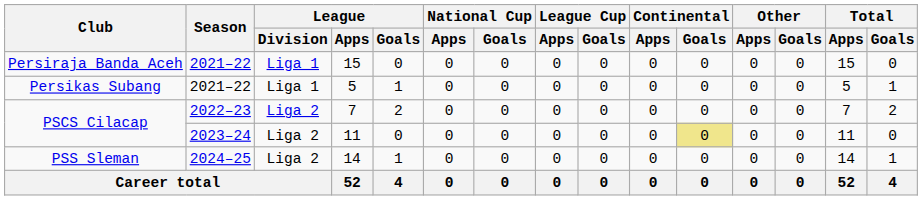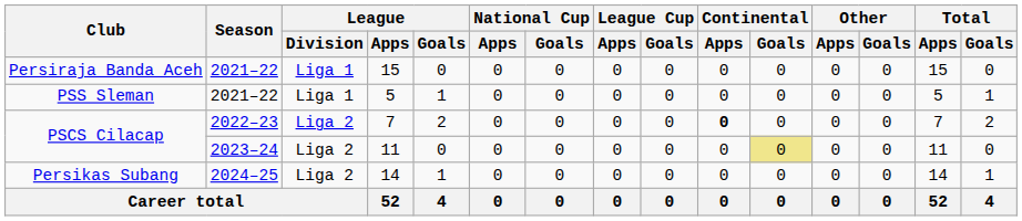 <table class="wikitable" style="text-align: center;">
 <tr>
 <th rowspan="2">Club</th>
 <th rowspan="2">Season</th>
 <th colspan="3">League</th>
 <th colspan="2">National Cup</th>
 <th colspan="2">League Cup</th>
 <th colspan="2">Continental</th>
 <th colspan="2">Other</th>
 <th colspan="2">Total</th>
 </tr>
 <tr>
 <th>Division</th>
 <th>Apps</th>
 <th>Goals</th>
 <th>Apps</th>
 <th>Goals</th>
 <th>Apps</th>
 <th>Goals</th>
 <th>Apps</th>
 <th>Goals</th>
 <th>Apps</th>
 <th>Goals</th>
 <th>Apps</th>
 <th>Goals</th>
 </tr>
 <tr>
 <td rowspan=1><a href='#'>Persiraja Banda Aceh</a></td>
 <td><a href='#'>2021–22</a></td>
 <td><a href='#'>Liga 1</a></td>
 <td>15</td>
 <td>0</td>
 <td>0</td>
 <td>0</td>
 <td>0</td>
 <td>0</td>
 <td>0</td>
 <td>0</td>
 <td>0</td>
 <td>0</td>
 <td>15</td>
 <td>0</td>
 </tr>
 <tr>
-<td rowspan=1><a href='#'>Persikas Subang</a></td>
+<td rowspan=1><a href='#'>PSS Sleman</a></td>
 <td>2021–22</td>
 <td>Liga 1</td>
 <td>5</td>
 <td>1</td>
 <td>0</td>
 <td>0</td>
 <td>0</td>
 <td>0</td>
 <td>0</td>
 <td>0</td>
 <td>0</td>
 <td>0</td>
 <td>5</td>
 <td>1</td>
 </tr>
 <tr>
 <td rowspan=2><a href='#'>PSCS Cilacap</a></td>
 <td><a href='#'>2022–23</a></td>
 <td><a href='#'>Liga 2</a></td>
 <td>7</td>
 <td>2</td>
 <td>0</td>
 <td>0</td>
 <td>0</td>
 <td>0</td>
-<td>0</td>
+<td><strong>0</strong></td>
 <td>0</td>
 <td>0</td>
 <td>0</td>
 <td>7</td>
 <td>2</td>
 </tr>
 <tr>
 <td><a href='#'>2023–24</a></td>
 <td>Liga 2</td>
 <td>11</td>
 <td>0</td>
 <td>0</td>
 <td>0</td>
 <td>0</td>
 <td>0</td>
 <td>0</td>
 <td style="background: khaki;">0</td>
 <td>0</td>
 <td>0</td>
 <td>11</td>
 <td>0</td>
 </tr>
 <tr>
-<td rowspan=1><a href='#'>PSS Sleman</a></td>
+<td rowspan=1><a href='#'>Persikas Subang</a></td>
 <td><a href='#'>2024–25</a></td>
 <td>Liga 2</td>
 <td>14</td>
 <td>1</td>
 <td>0</td>
 <td>0</td>
 <td>0</td>
 <td>0</td>
 <td>0</td>
 <td>0</td>
 <td>0</td>
 <td>0</td>
 <td>14</td>
 <td>1</td>
 </tr>
 <tr>
 <th colspan="3">Career total</th>
 <th>52</th>
 <th>4</th>
 <th>0</th>
 <th>0</th>
 <th>0</th>
 <th>0</th>
 <th>0</th>
 <th>0</th>
 <th>0</th>
 <th>0</th>
 <th>52</th>
 <th>4</th>
 </tr>
 </table>
